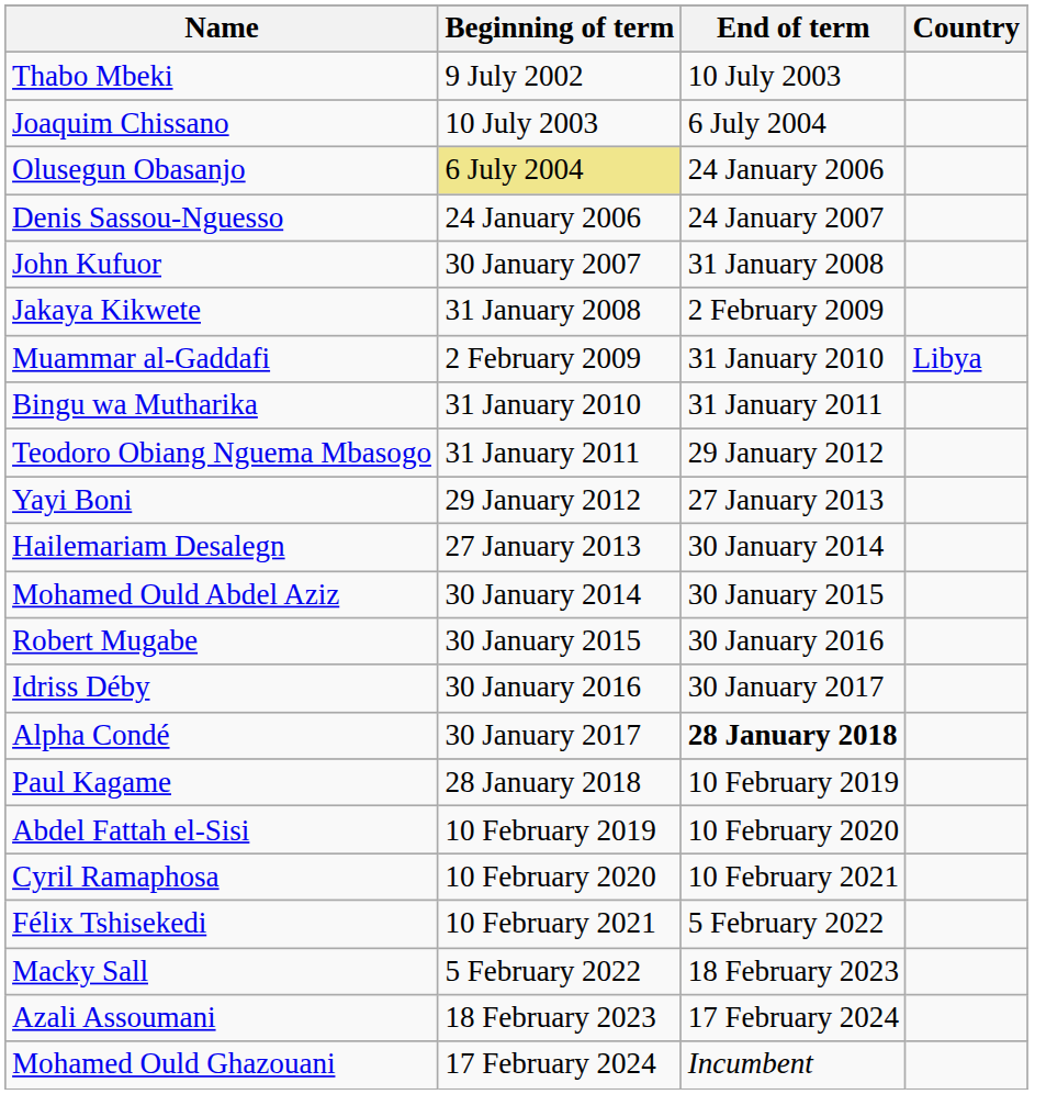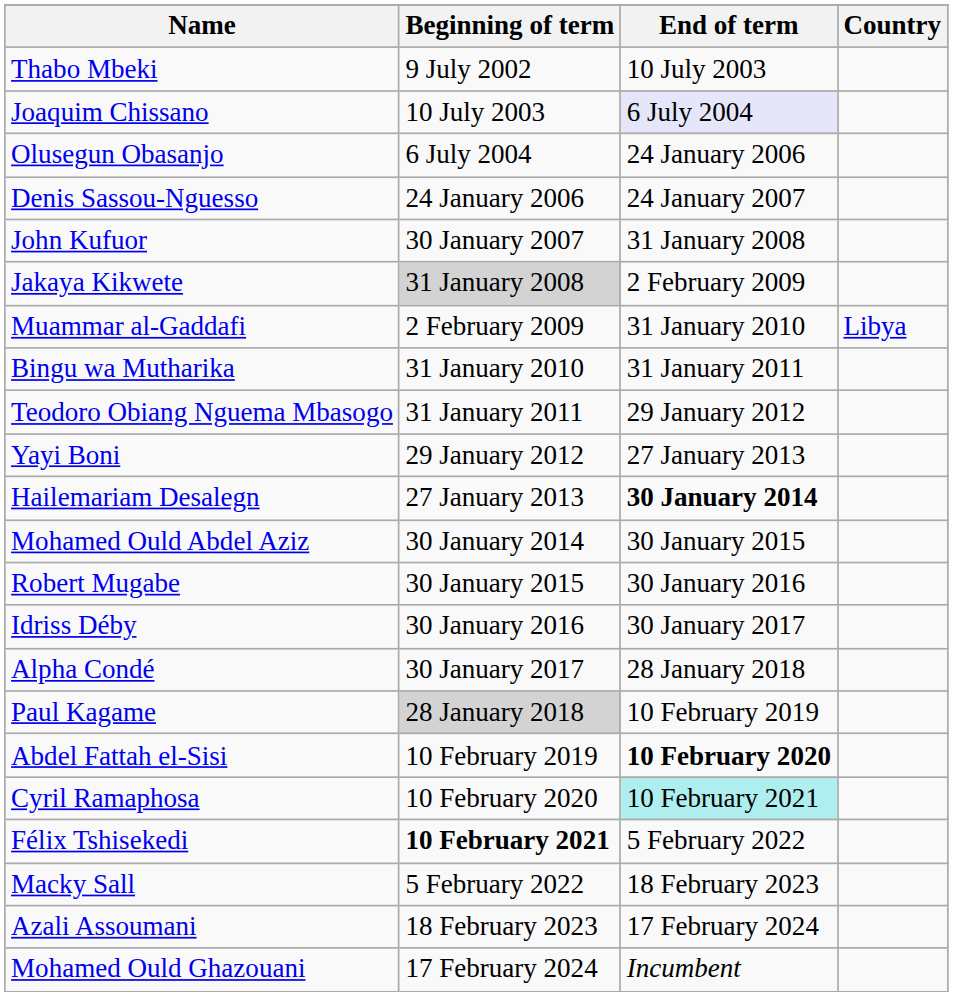 <table class="wikitable">
 <tr valign=top>
 </tr>
 <tr>
 <th scope="col">Name</th>
 <th scope="col">Beginning of term</th>
 <th scope="col">End of term</th>
 <th scope="col">Country</th>
 </tr>
 <tr>
 <td scope="row"><a href='#'>Thabo Mbeki</a></td>
 <td>9 July 2002</td>
 <td>10 July 2003</td>
 <td></td>
 </tr>
 <tr>
 <td scope="row"><a href='#'>Joaquim Chissano</a></td>
 <td>10 July 2003</td>
-<td>6 July 2004</td>
+<td style="background: lavender;">6 July 2004</td>
 <td></td>
 </tr>
 <tr>
 <td scope="row"><a href='#'>Olusegun Obasanjo</a></td>
-<td style="background: khaki;">6 July 2004</td>
+<td>6 July 2004</td>
 <td>24 January 2006</td>
 <td></td>
 </tr>
 <tr>
 <td scope="row"><a href='#'>Denis Sassou-Nguesso</a></td>
 <td>24 January 2006</td>
 <td>24 January 2007</td>
 <td></td>
 </tr>
 <tr>
 <td scope="row"><a href='#'>John Kufuor</a></td>
 <td>30 January 2007</td>
 <td>31 January 2008</td>
 <td></td>
 </tr>
 <tr>
 <td scope="row"><a href='#'>Jakaya Kikwete</a></td>
-<td>31 January 2008</td>
+<td style="background: lightgrey;">31 January 2008</td>
 <td>2 February 2009</td>
 <td></td>
 </tr>
 <tr>
 <td scope="row"><a href='#'>Muammar al-Gaddafi</a></td>
 <td>2 February 2009</td>
 <td>31 January 2010</td>
 <td> <a href='#'>Libya</a></td>
 </tr>
 <tr>
 <td scope="row"><a href='#'>Bingu wa Mutharika</a></td>
 <td>31 January 2010</td>
 <td>31 January 2011</td>
 <td></td>
 </tr>
 <tr>
 <td scope="row"><a href='#'>Teodoro Obiang Nguema Mbasogo</a></td>
 <td>31 January 2011</td>
 <td>29 January 2012</td>
 <td></td>
 </tr>
 <tr>
 <td scope="row"><a href='#'>Yayi Boni</a></td>
 <td>29 January 2012</td>
 <td>27 January 2013</td>
 <td></td>
 </tr>
 <tr>
 <td scope="row"><a href='#'>Hailemariam Desalegn</a></td>
 <td>27 January 2013</td>
-<td>30 January 2014</td>
+<td><strong>30 January 2014</strong></td>
 <td></td>
 </tr>
 <tr>
 <td scope="row"><a href='#'>Mohamed Ould Abdel Aziz</a></td>
 <td>30 January 2014</td>
 <td>30 January 2015</td>
 <td></td>
 </tr>
 <tr>
 <td scope="row"><a href='#'>Robert Mugabe</a></td>
 <td>30 January 2015</td>
 <td>30 January 2016</td>
 <td></td>
 </tr>
 <tr>
 <td scope="row"><a href='#'>Idriss Déby</a></td>
 <td>30 January 2016</td>
 <td>30 January 2017</td>
 <td></td>
 </tr>
 <tr>
 <td scope="row"><a href='#'>Alpha Condé</a></td>
 <td>30 January 2017</td>
-<td><strong>28 January 2018</strong></td>
+<td>28 January 2018</td>
 <td></td>
 </tr>
 <tr>
 <td scope="row"><a href='#'>Paul Kagame</a></td>
-<td>28 January 2018</td>
+<td style="background: lightgrey;">28 January 2018</td>
 <td>10 February 2019</td>
 <td></td>
 </tr>
 <tr>
 <td scope="row"><a href='#'>Abdel Fattah el-Sisi</a></td>
 <td>10 February 2019</td>
-<td>10 February 2020</td>
+<td><strong>10 February 2020</strong></td>
 <td></td>
 </tr>
 <tr>
 <td scope="row"><a href='#'>Cyril Ramaphosa</a></td>
 <td>10 February 2020</td>
-<td>10 February 2021</td>
+<td style="background: paleturquoise;">10 February 2021</td>
 <td></td>
 </tr>
 <tr>
 <td scope="row"><a href='#'>Félix Tshisekedi</a></td>
-<td>10 February 2021</td>
+<td><strong>10 February 2021</strong></td>
 <td>5 February 2022</td>
 <td></td>
 </tr>
 <tr>
 <td scope="row"><a href='#'>Macky Sall</a></td>
 <td>5 February 2022</td>
 <td>18 February 2023</td>
 <td></td>
 </tr>
 <tr>
 <td scope="row"><a href='#'>Azali Assoumani</a></td>
 <td>18 February 2023</td>
 <td>17 February 2024</td>
 <td></td>
 </tr>
 <tr>
 <td scope="row"><a href='#'>Mohamed Ould Ghazouani</a></td>
 <td>17 February 2024</td>
 <td><em>Incumbent</em></td>
 <td></td>
 </tr>
 </table>
